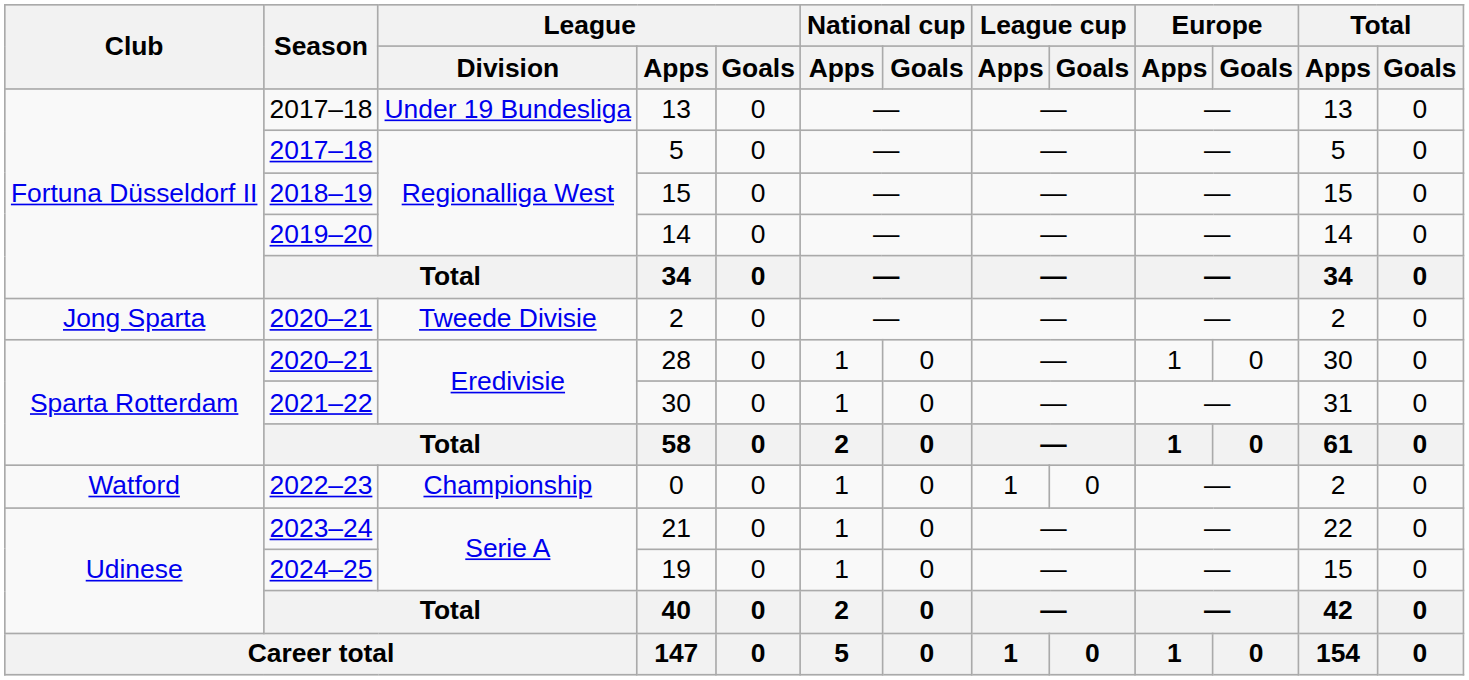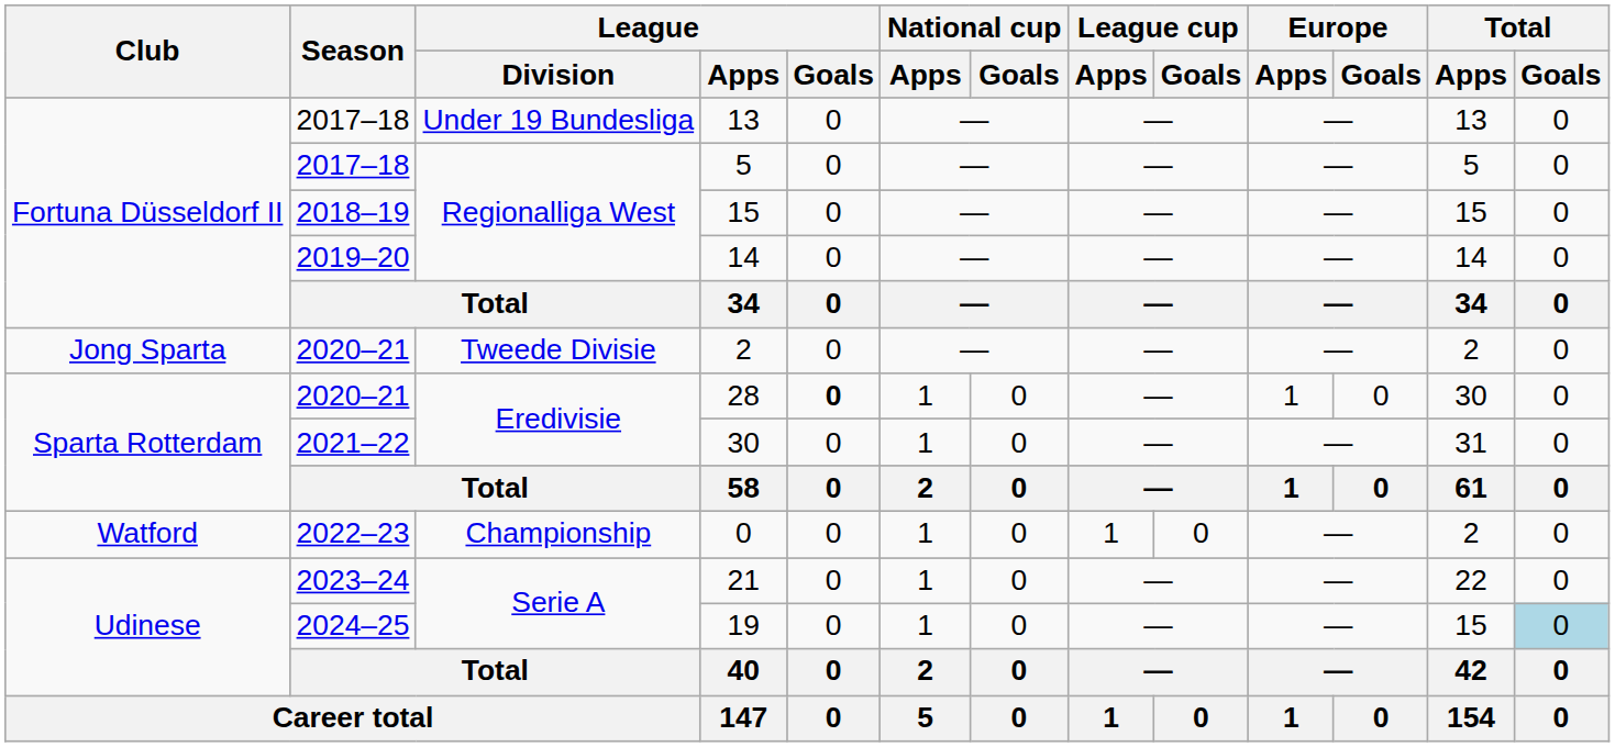 <table class="wikitable" style="text-align:center">
 <tr>
 <th rowspan="2">Club</th>
 <th rowspan="2">Season</th>
 <th colspan="3">League</th>
 <th colspan="2">National cup</th>
 <th colspan="2">League cup</th>
 <th colspan="2">Europe</th>
 <th colspan="2">Total</th>
 </tr>
 <tr>
 <th>Division</th>
 <th>Apps</th>
 <th>Goals</th>
 <th>Apps</th>
 <th>Goals</th>
 <th>Apps</th>
 <th>Goals</th>
 <th>Apps</th>
 <th>Goals</th>
 <th>Apps</th>
 <th>Goals</th>
 </tr>
 <tr>
 <td rowspan="5"><a href='#'>Fortuna Düsseldorf II</a></td>
 <td>2017–18</td>
 <td><a href='#'>Under 19 Bundesliga</a></td>
 <td>13</td>
 <td>0</td>
 <td colspan="2">—</td>
 <td colspan="2">—</td>
 <td colspan="2">—</td>
 <td>13</td>
 <td>0</td>
 </tr>
 <tr>
 <td><a href='#'>2017–18</a></td>
 <td rowspan="3"><a href='#'>Regionalliga West</a></td>
 <td>5</td>
 <td>0</td>
 <td colspan="2">—</td>
 <td colspan="2">—</td>
 <td colspan="2">—</td>
 <td>5</td>
 <td>0</td>
 </tr>
 <tr>
 <td><a href='#'>2018–19</a></td>
 <td>15</td>
 <td>0</td>
 <td colspan="2">—</td>
 <td colspan="2">—</td>
 <td colspan="2">—</td>
 <td>15</td>
 <td>0</td>
 </tr>
 <tr>
 <td><a href='#'>2019–20</a></td>
 <td>14</td>
 <td>0</td>
 <td colspan="2">—</td>
 <td colspan="2">—</td>
 <td colspan="2">—</td>
 <td>14</td>
 <td>0</td>
 </tr>
 <tr>
 <th colspan="2">Total</th>
 <th>34</th>
 <th>0</th>
 <th colspan="2">—</th>
 <th colspan="2">—</th>
 <th colspan="2">—</th>
 <th>34</th>
 <th>0</th>
 </tr>
 <tr>
 <td><a href='#'>Jong Sparta</a></td>
 <td><a href='#'>2020–21</a></td>
 <td><a href='#'>Tweede Divisie</a></td>
 <td>2</td>
 <td>0</td>
 <td colspan="2">—</td>
 <td colspan="2">—</td>
 <td colspan="2">—</td>
 <td>2</td>
 <td>0</td>
 </tr>
 <tr>
 <td rowspan="3"><a href='#'>Sparta Rotterdam</a></td>
 <td><a href='#'>2020–21</a></td>
 <td rowspan="2"><a href='#'>Eredivisie</a></td>
 <td>28</td>
-<td>0</td>
+<td><strong>0</strong></td>
 <td>1</td>
 <td>0</td>
 <td colspan="2">—</td>
 <td>1</td>
 <td>0</td>
 <td>30</td>
 <td>0</td>
 </tr>
 <tr>
 <td><a href='#'>2021–22</a></td>
 <td>30</td>
 <td>0</td>
 <td>1</td>
 <td>0</td>
 <td colspan="2">—</td>
 <td colspan="2">—</td>
 <td>31</td>
 <td>0</td>
 </tr>
 <tr>
 <th colspan="2">Total</th>
 <th>58</th>
 <th>0</th>
 <th>2</th>
 <th>0</th>
 <th colspan="2">—</th>
 <th>1</th>
 <th>0</th>
 <th>61</th>
 <th>0</th>
 </tr>
 <tr>
 <td><a href='#'>Watford</a></td>
 <td><a href='#'>2022–23</a></td>
 <td><a href='#'>Championship</a></td>
 <td>0</td>
 <td>0</td>
 <td>1</td>
 <td>0</td>
 <td>1</td>
 <td>0</td>
 <td colspan="2">—</td>
 <td>2</td>
 <td>0</td>
 </tr>
 <tr>
 <td rowspan="3"><a href='#'>Udinese</a></td>
 <td><a href='#'>2023–24</a></td>
 <td rowspan="2"><a href='#'>Serie A</a></td>
 <td>21</td>
 <td>0</td>
 <td>1</td>
 <td>0</td>
 <td colspan="2">—</td>
 <td colspan="2">—</td>
 <td>22</td>
 <td>0</td>
 </tr>
 <tr>
 <td><a href='#'>2024–25</a></td>
 <td>19</td>
 <td>0</td>
 <td>1</td>
 <td>0</td>
 <td colspan="2">—</td>
 <td colspan="2">—</td>
 <td>15</td>
-<td>0</td>
+<td style="background: lightblue;">0</td>
 </tr>
 <tr>
 <th colspan="2">Total</th>
 <th>40</th>
 <th>0</th>
 <th>2</th>
 <th>0</th>
 <th colspan="2">—</th>
 <th colspan="2">—</th>
 <th>42</th>
 <th>0</th>
 </tr>
 <tr>
 <th colspan="3">Career total</th>
 <th>147</th>
 <th>0</th>
 <th>5</th>
 <th>0</th>
 <th>1</th>
 <th>0</th>
 <th>1</th>
 <th>0</th>
 <th>154</th>
 <th>0</th>
 </tr>
 </table>
